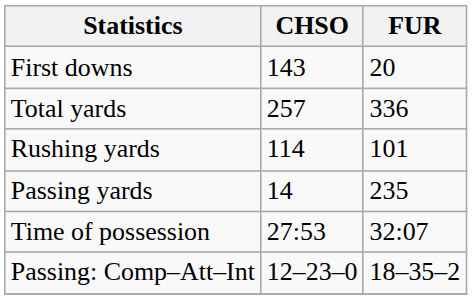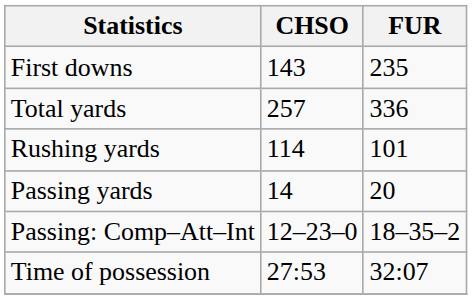 <table class="wikitable" style="float: left;">
 <tr>
 <th>Statistics</th>
 <th>CHSO</th>
 <th>FUR</th>
 </tr>
 <tr>
 <td>First downs</td>
 <td>143</td>
-<td>20</td>
+<td>235</td>
 </tr>
 <tr>
 <td>Total yards</td>
 <td>257</td>
 <td>336</td>
 </tr>
 <tr>
 <td>Rushing yards</td>
 <td>114</td>
 <td>101</td>
 </tr>
 <tr>
 <td>Passing yards</td>
 <td>14</td>
-<td>235</td>
+<td>20</td>
+</tr>
+<tr>
+<td>Passing: Comp–Att–Int</td>
+<td>12–23–0</td>
+<td>18–35–2</td>
 </tr>
 <tr>
 <td>Time of possession</td>
 <td>27:53</td>
 <td>32:07</td>
 </tr>
 <tr>
-<td>Passing: Comp–Att–Int</td>
-<td>12–23–0</td>
-<td>18–35–2</td>
-</tr>
-<tr>
 </tr>
 </table>
